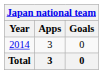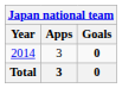 <table class="wikitable" style="text-align:center">
 <tr>
 <th colspan=3><a href='#'>Japan national team</a></th>
 </tr>
 <tr>
 <th>Year</th>
 <th>Apps</th>
 <th>Goals</th>
 </tr>
 <tr>
 <td><a href='#'>2014</a></td>
 <td>3</td>
-<td>0</td>
+<td><strong>0</strong></td>
 </tr>
 <tr>
 <th>Total</th>
 <th>3</th>
 <th>0</th>
 </tr>
 </table>
